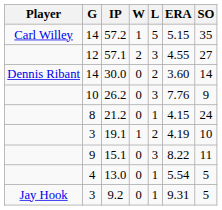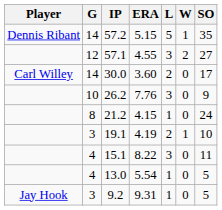 <table class="wikitable sortable">
 <tr>
 <th>Player</th>
 <th>G</th>
 <th>IP</th>
+<th>ERA</th>
+<th>L</th>
 <th>W</th>
-<th>L</th>
-<th>ERA</th>
 <th>SO</th>
 </tr>
 <tr align="center">
-<td><a href='#'>Carl Willey</a></td>
+<td><a href='#'>Dennis Ribant</a></td>
 <td>14</td>
 <td>57.2</td>
+<td>5.15</td>
+<td>5</td>
 <td>1</td>
-<td>5</td>
-<td>5.15</td>
 <td>35</td>
 </tr>
 <tr align="center">
 <td></td>
 <td>12</td>
 <td>57.1</td>
+<td>4.55</td>
+<td>3</td>
 <td>2</td>
-<td>3</td>
-<td>4.55</td>
 <td>27</td>
 </tr>
 <tr align="center">
-<td><a href='#'>Dennis Ribant</a></td>
+<td><a href='#'>Carl Willey</a></td>
 <td>14</td>
 <td>30.0</td>
+<td>3.60</td>
+<td>2</td>
 <td>0</td>
-<td>2</td>
-<td>3.60</td>
-<td>14</td>
+<td>17</td>
 </tr>
 <tr align="center">
 <td></td>
 <td>10</td>
 <td>26.2</td>
+<td>7.76</td>
+<td>3</td>
 <td>0</td>
-<td>3</td>
-<td>7.76</td>
 <td>9</td>
 </tr>
 <tr align="center">
 <td></td>
 <td>8</td>
 <td>21.2</td>
+<td>4.15</td>
+<td>1</td>
 <td>0</td>
-<td>1</td>
-<td>4.15</td>
 <td>24</td>
 </tr>
 <tr align="center">
 <td></td>
 <td>3</td>
 <td>19.1</td>
+<td>4.19</td>
+<td>2</td>
 <td>1</td>
-<td>2</td>
-<td>4.19</td>
 <td>10</td>
 </tr>
 <tr align="center">
 <td></td>
-<td>9</td>
+<td>4</td>
 <td>15.1</td>
+<td>8.22</td>
+<td>3</td>
 <td>0</td>
-<td>3</td>
-<td>8.22</td>
 <td>11</td>
 </tr>
 <tr align="center">
 <td></td>
 <td>4</td>
 <td>13.0</td>
+<td>5.54</td>
+<td>1</td>
 <td>0</td>
-<td>1</td>
-<td>5.54</td>
 <td>5</td>
 </tr>
 <tr align="center">
 <td><a href='#'>Jay Hook</a></td>
 <td>3</td>
 <td>9.2</td>
+<td>9.31</td>
+<td>1</td>
 <td>0</td>
-<td>1</td>
-<td>9.31</td>
 <td>5</td>
 </tr>
 </table>
